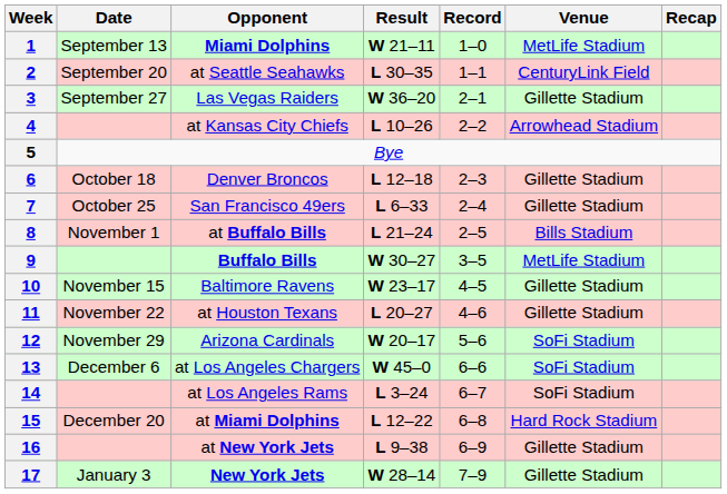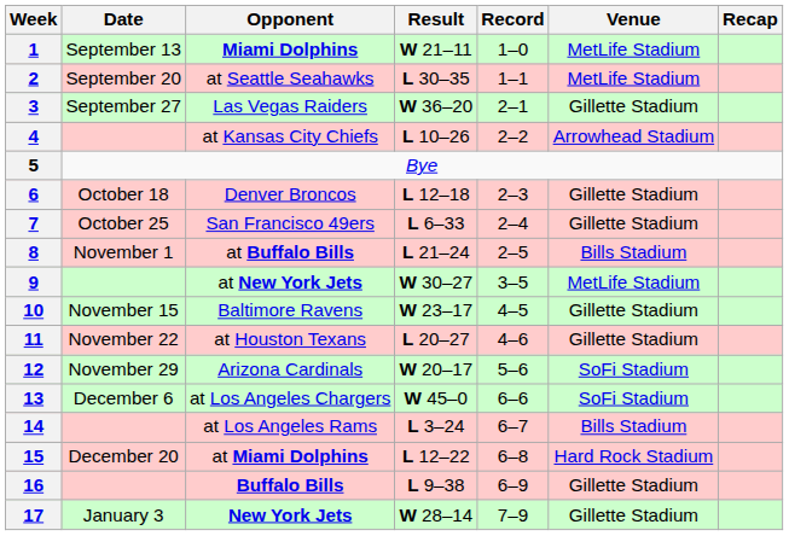 <table class="wikitable" style="text-align:center">
 <tr>
 <th>Week</th>
 <th>Date</th>
 <th>Opponent</th>
 <th>Result</th>
 <th>Record</th>
 <th>Venue</th>
 <th>Recap</th>
 </tr>
 <tr style="background:#cfc">
 <th><a href='#'>1</a></th>
 <td>September 13</td>
 <td><strong><a href='#'>Miami Dolphins</a></strong></td>
 <td><strong>W</strong> 21–11</td>
 <td>1–0</td>
 <td><a href='#'>MetLife Stadium</a></td>
 <td></td>
 </tr>
 <tr style="background:#fcc">
 <th><a href='#'>2</a></th>
 <td>September 20</td>
 <td>at <a href='#'>Seattle Seahawks</a></td>
 <td><strong>L</strong> 30–35</td>
 <td>1–1</td>
-<td><a href='#'>CenturyLink Field</a></td>
+<td><a href='#'>MetLife Stadium</a></td>
 <td></td>
 </tr>
 <tr style="background:#cfc">
 <th><a href='#'>3</a></th>
 <td>September 27</td>
 <td><a href='#'>Las Vegas Raiders</a></td>
 <td><strong>W</strong> 36–20</td>
 <td>2–1</td>
 <td>Gillette Stadium</td>
 <td></td>
 </tr>
 <tr style="background:#fcc">
 <th><a href='#'>4</a></th>
 <td></td>
 <td>at <a href='#'>Kansas City Chiefs</a></td>
 <td><strong>L</strong> 10–26</td>
 <td>2–2</td>
 <td><a href='#'>Arrowhead Stadium</a></td>
 <td></td>
 </tr>
 <tr>
 <th>5</th>
 <td colspan="6"><em><a href='#'>Bye</a></em></td>
 </tr>
 <tr style="background:#fcc">
 <th><a href='#'>6</a></th>
 <td>October 18</td>
 <td><a href='#'>Denver Broncos</a></td>
 <td><strong>L</strong> 12–18</td>
 <td>2–3</td>
 <td>Gillette Stadium</td>
 <td></td>
 </tr>
 <tr style="background:#fcc">
 <th><a href='#'>7</a></th>
 <td>October 25</td>
 <td><a href='#'>San Francisco 49ers</a></td>
 <td><strong>L</strong> 6–33</td>
 <td>2–4</td>
 <td>Gillette Stadium</td>
 <td></td>
 </tr>
 <tr style="background:#fcc">
 <th><a href='#'>8</a></th>
 <td>November 1</td>
 <td>at <strong><a href='#'>Buffalo Bills</a></strong></td>
 <td><strong>L</strong> 21–24</td>
 <td>2–5</td>
 <td><a href='#'>Bills Stadium</a></td>
 <td></td>
 </tr>
 <tr style="background:#cfc">
 <th><a href='#'>9</a></th>
 <td></td>
-<td><strong><a href='#'>Buffalo Bills</a></strong></td>
+<td>at <strong><a href='#'>New York Jets</a></strong></td>
 <td><strong>W</strong> 30–27</td>
 <td>3–5</td>
 <td><a href='#'>MetLife Stadium</a></td>
 <td></td>
 </tr>
 <tr style="background:#cfc">
 <th><a href='#'>10</a></th>
 <td>November 15</td>
 <td><a href='#'>Baltimore Ravens</a></td>
 <td><strong>W</strong> 23–17</td>
 <td>4–5</td>
 <td>Gillette Stadium</td>
 <td></td>
 </tr>
 <tr style="background:#fcc">
 <th><a href='#'>11</a></th>
 <td>November 22</td>
 <td>at <a href='#'>Houston Texans</a></td>
 <td><strong>L</strong> 20–27</td>
 <td>4–6</td>
 <td>Gillette Stadium</td>
 <td></td>
 </tr>
 <tr style="background:#cfc">
 <th><a href='#'>12</a></th>
 <td>November 29</td>
 <td><a href='#'>Arizona Cardinals</a></td>
 <td><strong>W</strong> 20–17</td>
 <td>5–6</td>
 <td><a href='#'>SoFi Stadium</a></td>
 <td></td>
 </tr>
 <tr style="background:#cfc">
 <th><a href='#'>13</a></th>
 <td>December 6</td>
 <td>at <a href='#'>Los Angeles Chargers</a></td>
 <td><strong>W</strong> 45–0</td>
 <td>6–6</td>
 <td><a href='#'>SoFi Stadium</a></td>
 <td></td>
 </tr>
 <tr style="background:#fcc">
 <th><a href='#'>14</a></th>
 <td></td>
 <td>at <a href='#'>Los Angeles Rams</a></td>
 <td><strong>L</strong> 3–24</td>
 <td>6–7</td>
-<td>SoFi Stadium</td>
+<td><a href='#'>Bills Stadium</a></td>
 <td></td>
 </tr>
 <tr style="background:#fcc">
 <th><a href='#'>15</a></th>
 <td>December 20</td>
 <td>at <strong><a href='#'>Miami Dolphins</a></strong></td>
 <td><strong>L</strong> 12–22</td>
 <td>6–8</td>
 <td><a href='#'>Hard Rock Stadium</a></td>
 <td></td>
 </tr>
 <tr style="background:#fcc">
 <th><a href='#'>16</a></th>
 <td></td>
-<td>at <strong><a href='#'>New York Jets</a></strong></td>
+<td><strong><a href='#'>Buffalo Bills</a></strong></td>
 <td><strong>L</strong> 9–38</td>
 <td>6–9</td>
 <td>Gillette Stadium</td>
 <td></td>
 </tr>
 <tr style="background:#cfc">
 <th><a href='#'>17</a></th>
 <td>January 3</td>
 <td><strong><a href='#'>New York Jets</a></strong></td>
 <td><strong>W</strong> 28–14</td>
 <td>7–9</td>
 <td>Gillette Stadium</td>
 <td></td>
 </tr>
 </table>
